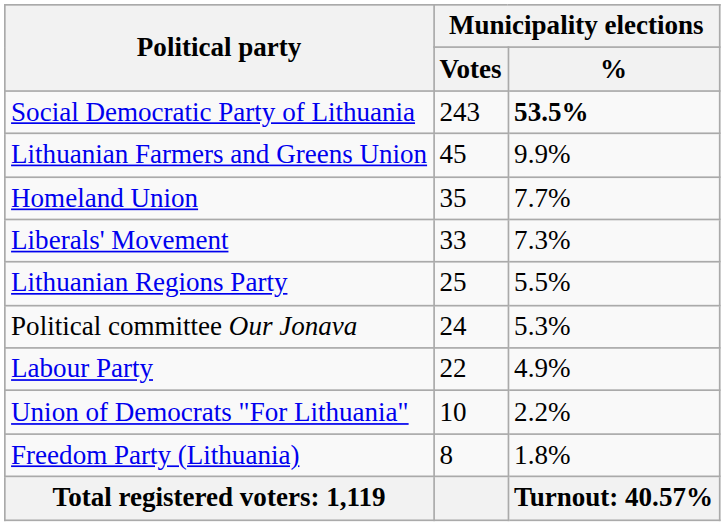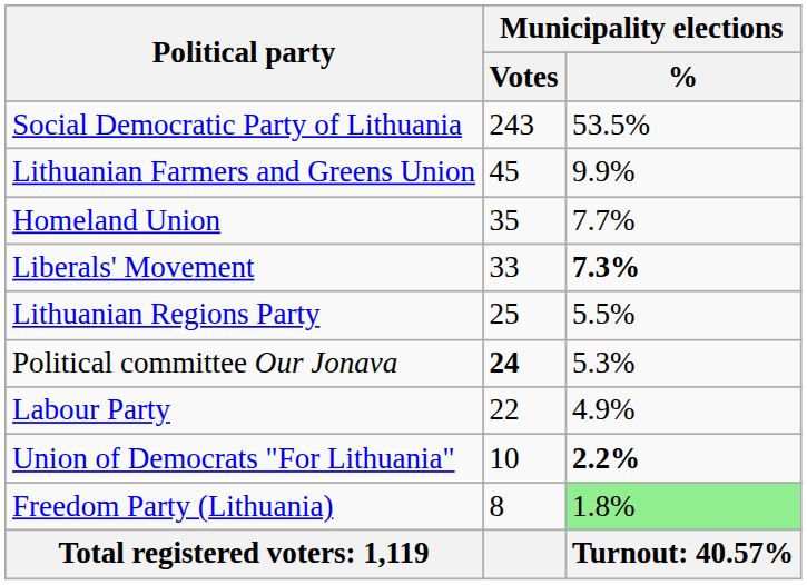 <table class="wikitable">
 <tr>
 <th rowspan="2">Political party</th>
 <th colspan="2">Municipality elections</th>
 </tr>
 <tr>
 <th>Votes </th>
 <th>%</th>
 </tr>
 <tr>
 <td><a href='#'>Social Democratic Party of Lithuania</a></td>
 <td>243</td>
-<td><strong>53.5%</strong></td>
+<td>53.5%</td>
 </tr>
 <tr>
 <td><a href='#'>Lithuanian Farmers and Greens Union</a></td>
 <td>45</td>
 <td>9.9%</td>
 </tr>
 <tr>
 <td><a href='#'>Homeland Union</a></td>
 <td>35</td>
 <td>7.7%</td>
 </tr>
 <tr>
 <td><a href='#'>Liberals' Movement</a></td>
 <td>33</td>
-<td>7.3%</td>
+<td><strong>7.3%</strong></td>
 </tr>
 <tr>
 <td><a href='#'>Lithuanian Regions Party</a></td>
 <td>25</td>
 <td>5.5%</td>
 </tr>
 <tr>
 <td>Political committee <em>Our Jonava</em></td>
-<td>24</td>
+<td><strong>24</strong></td>
 <td>5.3%</td>
 </tr>
 <tr>
 <td><a href='#'>Labour Party</a></td>
 <td>22</td>
 <td>4.9%</td>
 </tr>
 <tr>
 <td><a href='#'>Union of Democrats "For Lithuania"</a></td>
 <td>10</td>
-<td>2.2%</td>
+<td><strong>2.2%</strong></td>
 </tr>
 <tr>
 <td><a href='#'>Freedom Party (Lithuania)</a></td>
 <td>8</td>
-<td>1.8%</td>
+<td style="background: lightgreen;">1.8%</td>
 </tr>
 <tr>
 <th>Total registered voters: 1,119</th>
 <th></th>
 <th>Turnout: 40.57%</th>
 </tr>
 </table>
